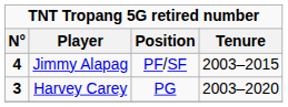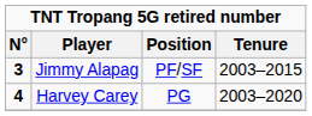 <table class="wikitable" style="text-align:center">
 <tr>
 <td colspan="4"><strong>TNT Tropang 5G retired number</strong></td>
 </tr>
 <tr>
 <th>N°</th>
 <th>Player</th>
 <th>Position</th>
 <th>Tenure</th>
 </tr>
 <tr>
-<td><strong>4</strong></td>
+<td><strong>3</strong></td>
 <td><a href='#'>Jimmy Alapag</a></td>
 <td><a href='#'>PF</a>/<a href='#'>SF</a></td>
 <td>2003–2015</td>
 </tr>
 <tr>
-<td><strong>3</strong></td>
+<td><strong>4</strong></td>
 <td><a href='#'>Harvey Carey</a></td>
 <td><a href='#'>PG</a></td>
 <td>2003–2020</td>
 </tr>
 <tr>
 </tr>
 </table>
